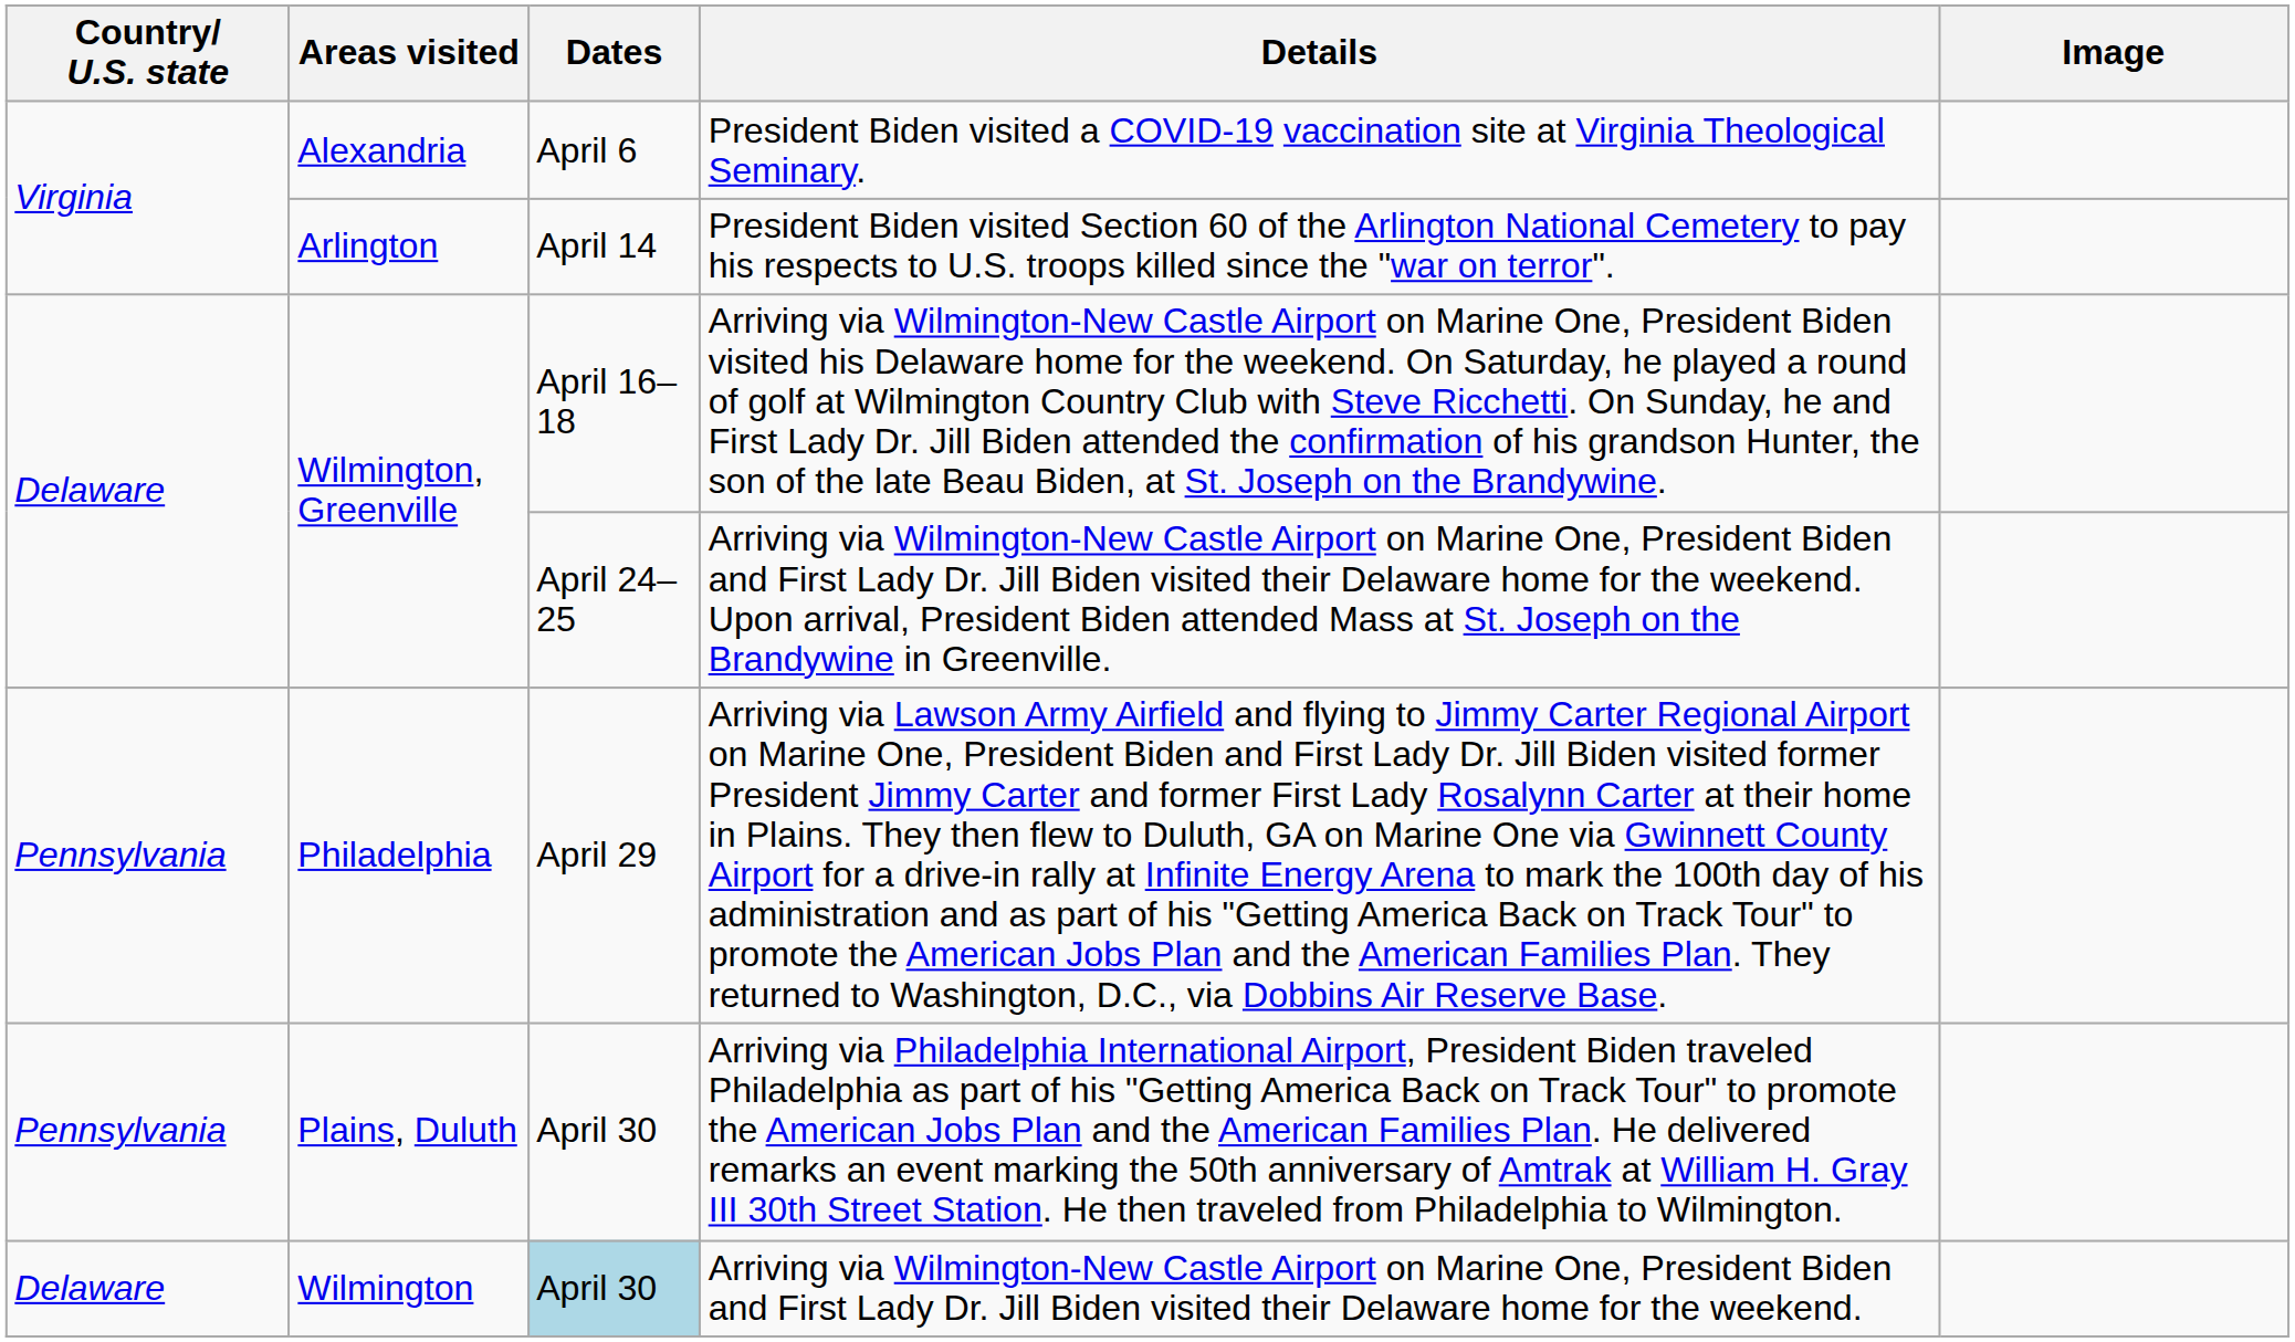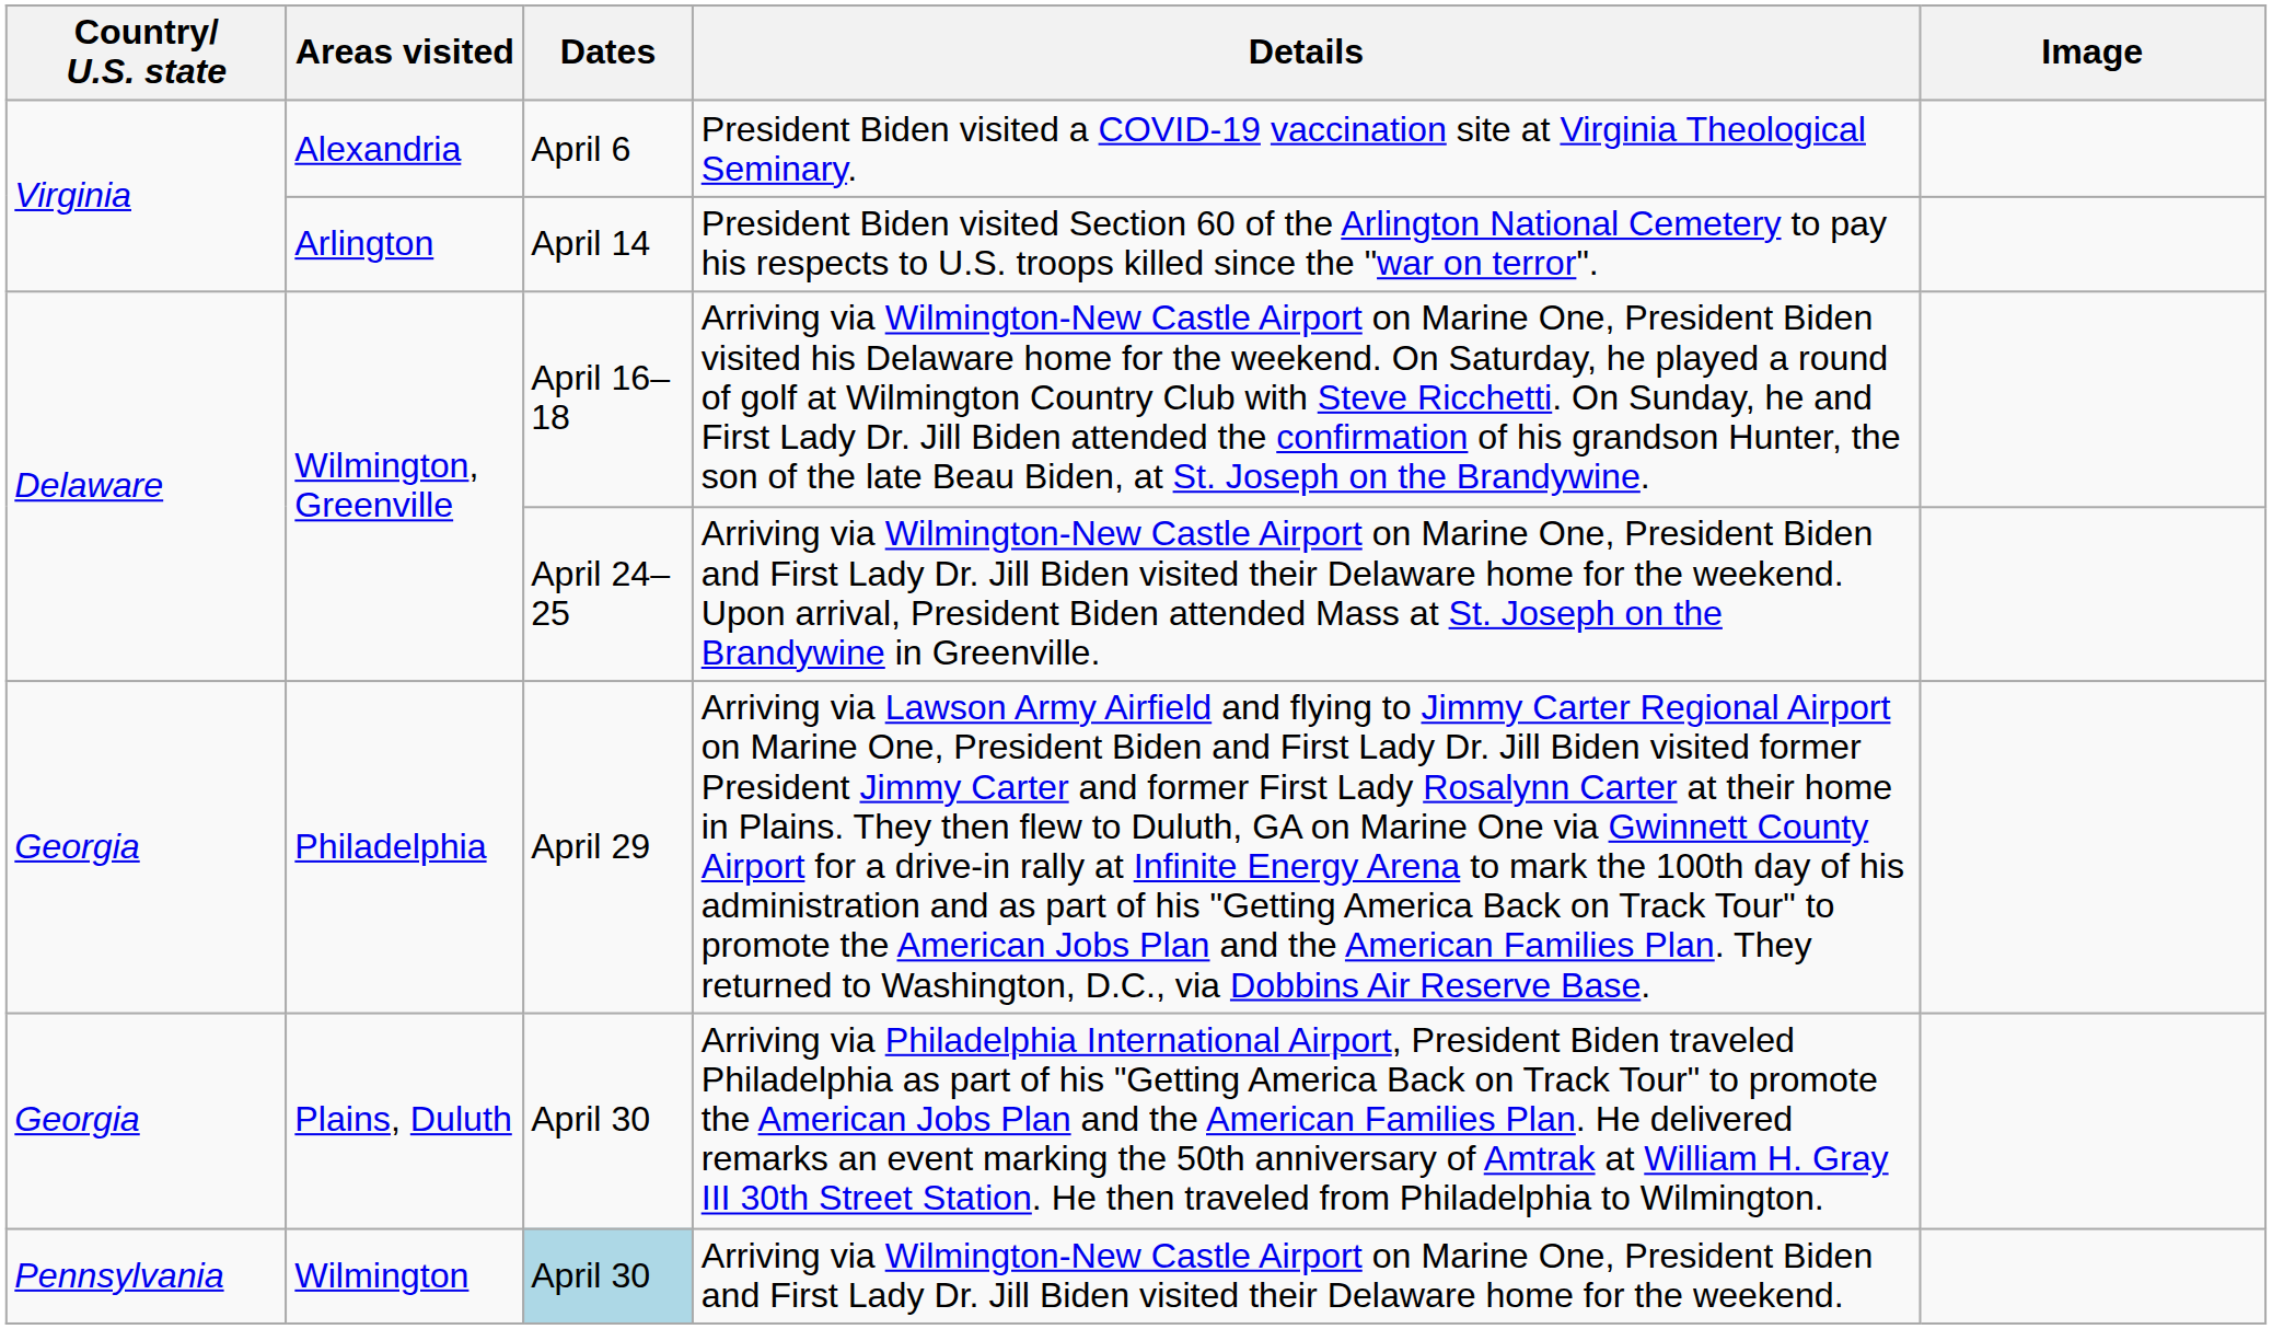 <table class="wikitable" style="margin: 1em auto 1em auto">
 <tr>
 <th width=120>Country/<br><em>U.S. state</em></th>
 <th width=100>Areas visited</th>
 <th width=70>Dates</th>
 <th width=550>Details</th>
 <th width=150>Image</th>
 </tr>
 <tr>
 <td rowspan=2> <em><a href='#'>Virginia</a></em></td>
 <td><a href='#'>Alexandria</a></td>
 <td>April 6</td>
 <td>President Biden visited a <a href='#'>COVID-19</a> <a href='#'>vaccination</a> site at <a href='#'>Virginia Theological Seminary</a>.</td>
 <td></td>
 </tr>
 <tr>
 <td><a href='#'>Arlington</a></td>
 <td>April 14</td>
 <td>President Biden visited Section 60 of the <a href='#'>Arlington National Cemetery</a> to pay his respects to U.S. troops killed since the "<a href='#'>war on terror</a>".</td>
 <td></td>
 </tr>
 <tr>
 <td rowspan="2"> <em><a href='#'>Delaware</a></em></td>
 <td rowspan="2"><a href='#'>Wilmington</a>, <a href='#'>Greenville</a></td>
 <td>April 16–18</td>
 <td>Arriving via <a href='#'>Wilmington-New Castle Airport</a> on Marine One, President Biden visited his Delaware home for the weekend. On Saturday, he played a round of golf at Wilmington Country Club  with <a href='#'>Steve Ricchetti</a>. On Sunday, he and First Lady Dr. Jill Biden attended the <a href='#'>confirmation</a> of his grandson Hunter, the son of the late Beau Biden, at <a href='#'>St. Joseph on the Brandywine</a>.</td>
 <td></td>
 </tr>
 <tr>
 <td>April 24–25</td>
 <td>Arriving via <a href='#'>Wilmington-New Castle Airport</a> on Marine One, President Biden and First Lady Dr. Jill Biden visited their Delaware home for the weekend. Upon arrival, President Biden attended Mass at <a href='#'>St. Joseph on the Brandywine</a> in Greenville.</td>
 <td></td>
 </tr>
 <tr>
-<td> <em><a href='#'>Pennsylvania</a></em></td>
+<td> <em><a href='#'>Georgia</a></em></td>
 <td><a href='#'>Philadelphia</a></td>
 <td>April 29</td>
 <td>Arriving via <a href='#'>Lawson Army Airfield</a> and flying to <a href='#'>Jimmy Carter Regional Airport</a> on Marine One, President Biden and First Lady Dr. Jill Biden visited former President <a href='#'>Jimmy Carter</a> and former First Lady <a href='#'>Rosalynn Carter</a> at their home in Plains. They then flew to Duluth, GA on Marine One via <a href='#'>Gwinnett County Airport</a> for a drive-in rally at <a href='#'>Infinite Energy Arena</a> to mark the 100th day of his administration and as part of his "Getting America Back on Track Tour" to promote the <a href='#'>American Jobs Plan</a> and the <a href='#'>American Families Plan</a>. They returned to Washington, D.C., via <a href='#'>Dobbins Air Reserve Base</a>.</td>
 <td></td>
 </tr>
 <tr>
-<td> <em><a href='#'>Pennsylvania</a></em></td>
+<td> <em><a href='#'>Georgia</a></em></td>
 <td><a href='#'>Plains</a>, <a href='#'>Duluth</a></td>
 <td>April 30</td>
 <td>Arriving via <a href='#'>Philadelphia International Airport</a>, President Biden traveled Philadelphia as part of his "Getting America Back on Track Tour" to promote the <a href='#'>American Jobs Plan</a> and the <a href='#'>American Families Plan</a>. He delivered remarks an event marking the 50th anniversary of <a href='#'>Amtrak</a> at <a href='#'>William H. Gray III 30th Street Station</a>. He then traveled from Philadelphia to Wilmington.</td>
 <td></td>
 </tr>
 <tr>
-<td> <em><a href='#'>Delaware</a></em></td>
+<td> <em><a href='#'>Pennsylvania</a></em></td>
 <td><a href='#'>Wilmington</a></td>
 <td style="background: lightblue;">April 30</td>
 <td>Arriving via <a href='#'>Wilmington-New Castle Airport</a> on Marine One, President Biden and First Lady Dr. Jill Biden visited their Delaware home for the weekend.</td>
 <td></td>
 </tr>
 </table>
